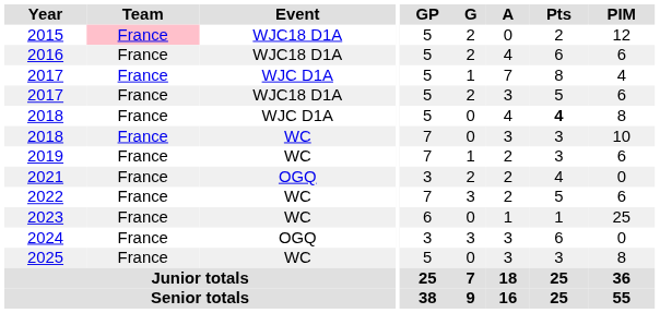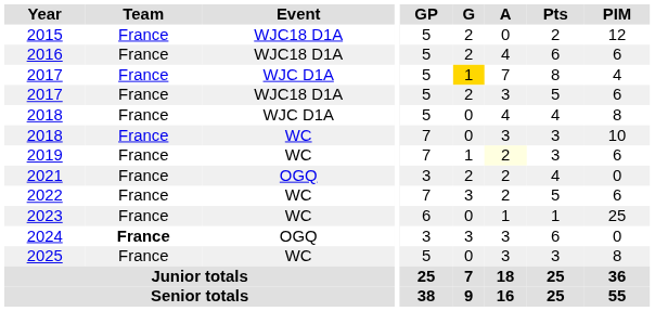 <table border="0" cellpadding="1" cellspacing="0" ID="Table3" style="text-align:center; width:40em;">
 <tr bgcolor="#e0e0e0">
 <th>Year</th>
 <th>Team</th>
 <th>Event</th>
 <th rowspan="102" bgcolor="#ffffff"></th>
 <th>GP</th>
 <th>G</th>
 <th>A</th>
 <th>Pts</th>
 <th>PIM</th>
 </tr>
 <tr>
 <td><a href='#'>2015</a></td>
-<td style="background: pink;"><a href='#'>France</a></td>
+<td><a href='#'>France</a></td>
 <td><a href='#'>WJC18 D1A</a></td>
 <td>5</td>
 <td>2</td>
 <td>0</td>
 <td>2</td>
 <td>12</td>
 </tr>
 <tr bgcolor="#f0f0f0">
 <td><a href='#'>2016</a></td>
 <td>France</td>
 <td>WJC18 D1A</td>
 <td>5</td>
 <td>2</td>
 <td>4</td>
 <td>6</td>
 <td>6</td>
 </tr>
 <tr>
 <td><a href='#'>2017</a></td>
 <td><a href='#'>France</a></td>
 <td><a href='#'>WJC D1A</a></td>
 <td>5</td>
-<td>1</td>
+<td style="background: gold;">1</td>
 <td>7</td>
 <td>8</td>
 <td>4</td>
 </tr>
 <tr bgcolor="#f0f0f0">
 <td><a href='#'>2017</a></td>
 <td>France</td>
 <td>WJC18 D1A</td>
 <td>5</td>
 <td>2</td>
 <td>3</td>
 <td>5</td>
 <td>6</td>
 </tr>
 <tr>
 <td><a href='#'>2018</a></td>
 <td>France</td>
 <td>WJC D1A</td>
 <td>5</td>
 <td>0</td>
 <td>4</td>
-<td><strong>4</strong></td>
+<td>4</td>
 <td>8</td>
 </tr>
 <tr bgcolor="#f0f0f0">
 <td><a href='#'>2018</a></td>
 <td><a href='#'>France</a></td>
 <td><a href='#'>WC</a></td>
 <td>7</td>
 <td>0</td>
 <td>3</td>
 <td>3</td>
 <td>10</td>
 </tr>
 <tr>
 <td><a href='#'>2019</a></td>
 <td>France</td>
 <td>WC</td>
 <td>7</td>
 <td>1</td>
-<td>2</td>
+<td style="background: lightyellow;">2</td>
 <td>3</td>
 <td>6</td>
 </tr>
 <tr bgcolor="#f0f0f0">
 <td><a href='#'>2021</a></td>
 <td>France</td>
 <td><a href='#'>OGQ</a></td>
 <td>3</td>
 <td>2</td>
 <td>2</td>
 <td>4</td>
 <td>0</td>
 </tr>
 <tr>
 <td><a href='#'>2022</a></td>
 <td>France</td>
 <td>WC</td>
 <td>7</td>
 <td>3</td>
 <td>2</td>
 <td>5</td>
 <td>6</td>
 </tr>
 <tr bgcolor="#f0f0f0">
 <td><a href='#'>2023</a></td>
 <td>France</td>
 <td>WC</td>
 <td>6</td>
 <td>0</td>
 <td>1</td>
 <td>1</td>
 <td>25</td>
 </tr>
 <tr>
 <td><a href='#'>2024</a></td>
-<td>France</td>
+<td><strong>France</strong></td>
 <td>OGQ</td>
 <td>3</td>
 <td>3</td>
 <td>3</td>
 <td>6</td>
 <td>0</td>
 </tr>
 <tr bgcolor="#f0f0f0">
 <td><a href='#'>2025</a></td>
 <td>France</td>
 <td>WC</td>
 <td>5</td>
 <td>0</td>
 <td>3</td>
 <td>3</td>
 <td>8</td>
 </tr>
 <tr bgcolor="#e0e0e0">
 <th colspan="3">Junior totals</th>
 <th>25</th>
 <th>7</th>
 <th>18</th>
 <th>25</th>
 <th>36</th>
 </tr>
 <tr bgcolor="#e0e0e0">
 <th colspan="3">Senior totals</th>
 <th>38</th>
 <th>9</th>
 <th>16</th>
 <th>25</th>
 <th>55</th>
 </tr>
 </table>
